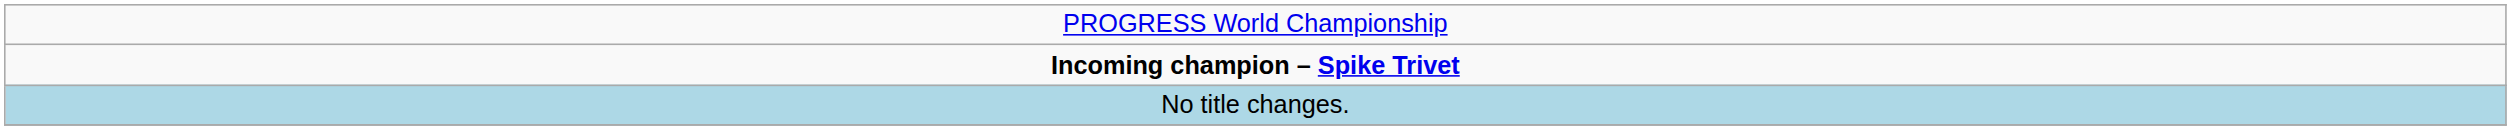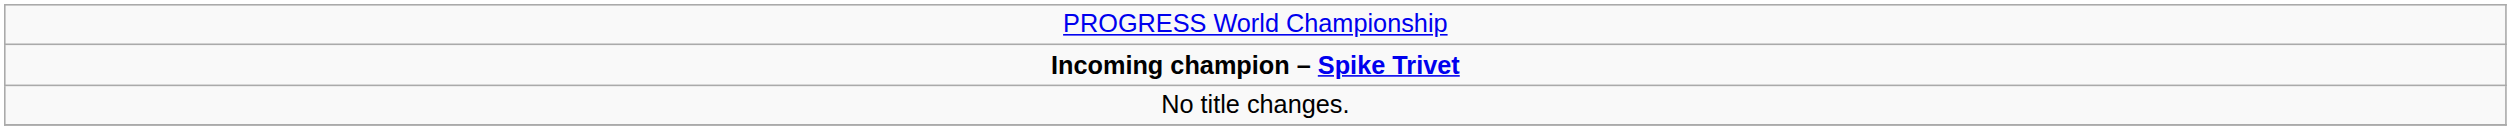 <table class="wikitable" style="text-align:center; width:100%;">
 <tr>
 <td colspan="5" style="text-align: center;"><a href='#'>PROGRESS World Championship</a></td>
 </tr>
 <tr>
 <td colspan="5" style="text-align: center;"><strong>Incoming champion – <a href='#'>Spike Trivet</a></strong></td>
 </tr>
 <tr>
-<td style="background: lightblue;">No title changes.</td>
+<td>No title changes.</td>
 </tr>
 <tr>
 </tr>
 </table>
